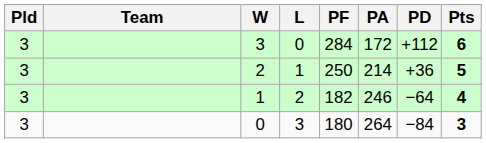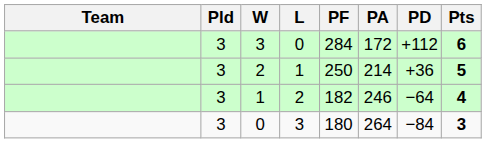 <table class=wikitable style="text-align:center">
 <tr>
+<th width=180>Team</th>
 <th width=30>Pld</th>
-<th width=180>Team</th>
 <th width=30>W</th>
 <th width=30>L</th>
 <th width=30>PF</th>
 <th width=30>PA</th>
 <th width=30>PD</th>
 <th width=30>Pts</th>
 </tr>
 <tr align=center bgcolor="#ccffcc">
+<td align=left></td>
 <td>3</td>
-<td align=left></td>
 <td>3</td>
 <td>0</td>
 <td>284</td>
 <td>172</td>
 <td>+112</td>
 <td><strong>6</strong></td>
 </tr>
 <tr align=center bgcolor="#ccffcc">
+<td align=left></td>
 <td>3</td>
-<td align=left></td>
 <td>2</td>
 <td>1</td>
 <td>250</td>
 <td>214</td>
 <td>+36</td>
 <td><strong>5</strong></td>
 </tr>
 <tr align=center bgcolor="#ccffcc">
+<td align=left></td>
 <td>3</td>
-<td align=left></td>
 <td>1</td>
 <td>2</td>
 <td>182</td>
 <td>246</td>
 <td>−64</td>
 <td><strong>4</strong></td>
 </tr>
 <tr>
+<td align=left></td>
 <td>3</td>
-<td align=left></td>
 <td>0</td>
 <td>3</td>
 <td>180</td>
 <td>264</td>
 <td>−84</td>
 <td><strong>3</strong></td>
 </tr>
 </table>
